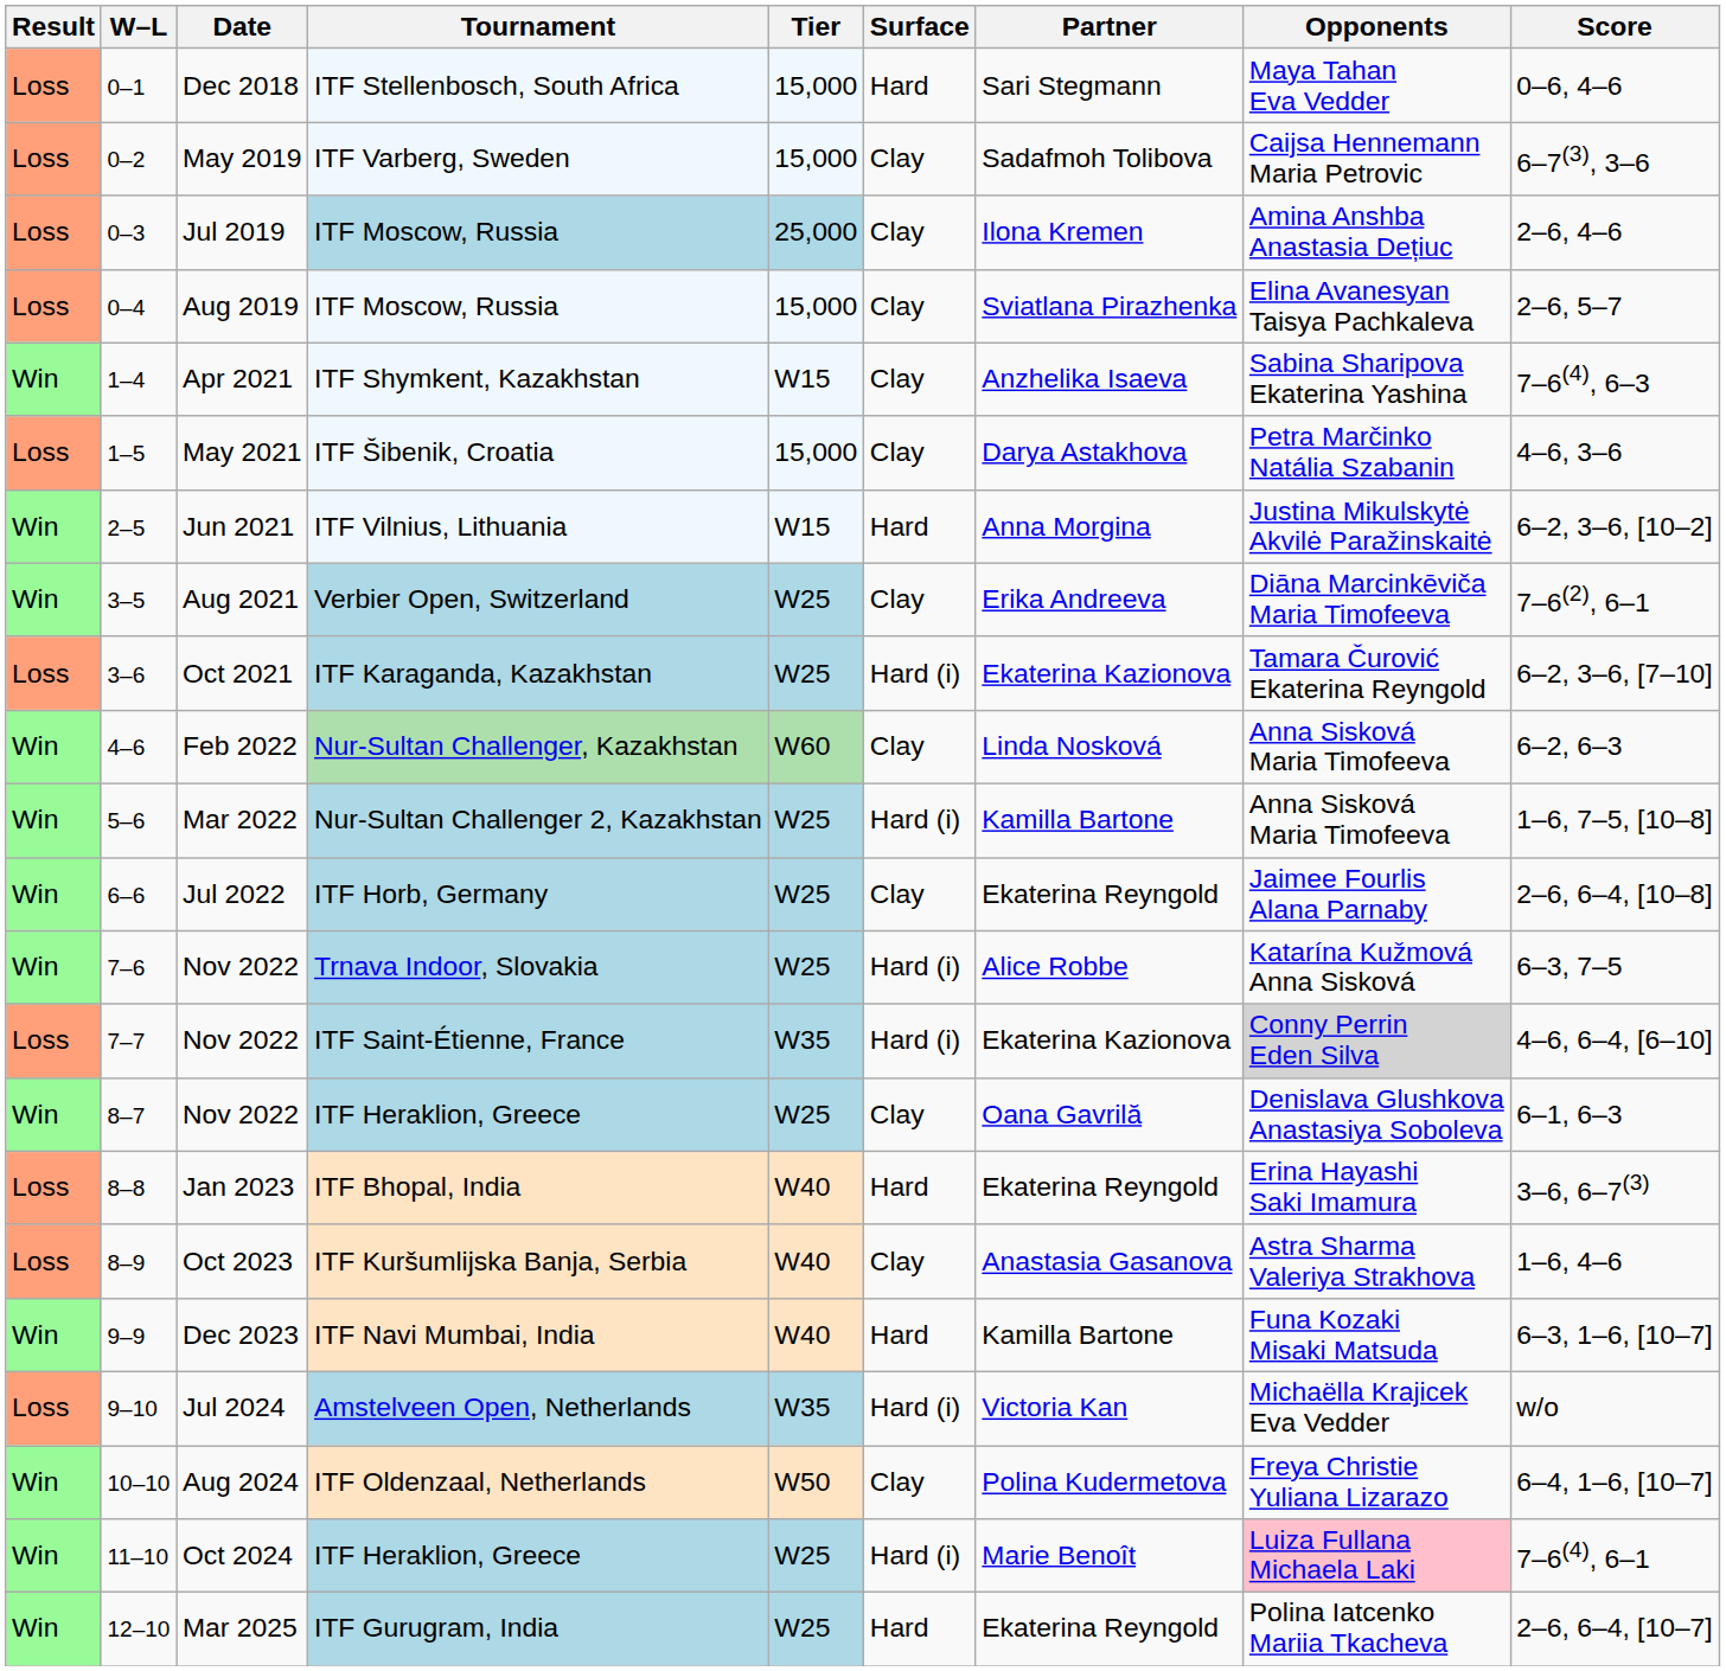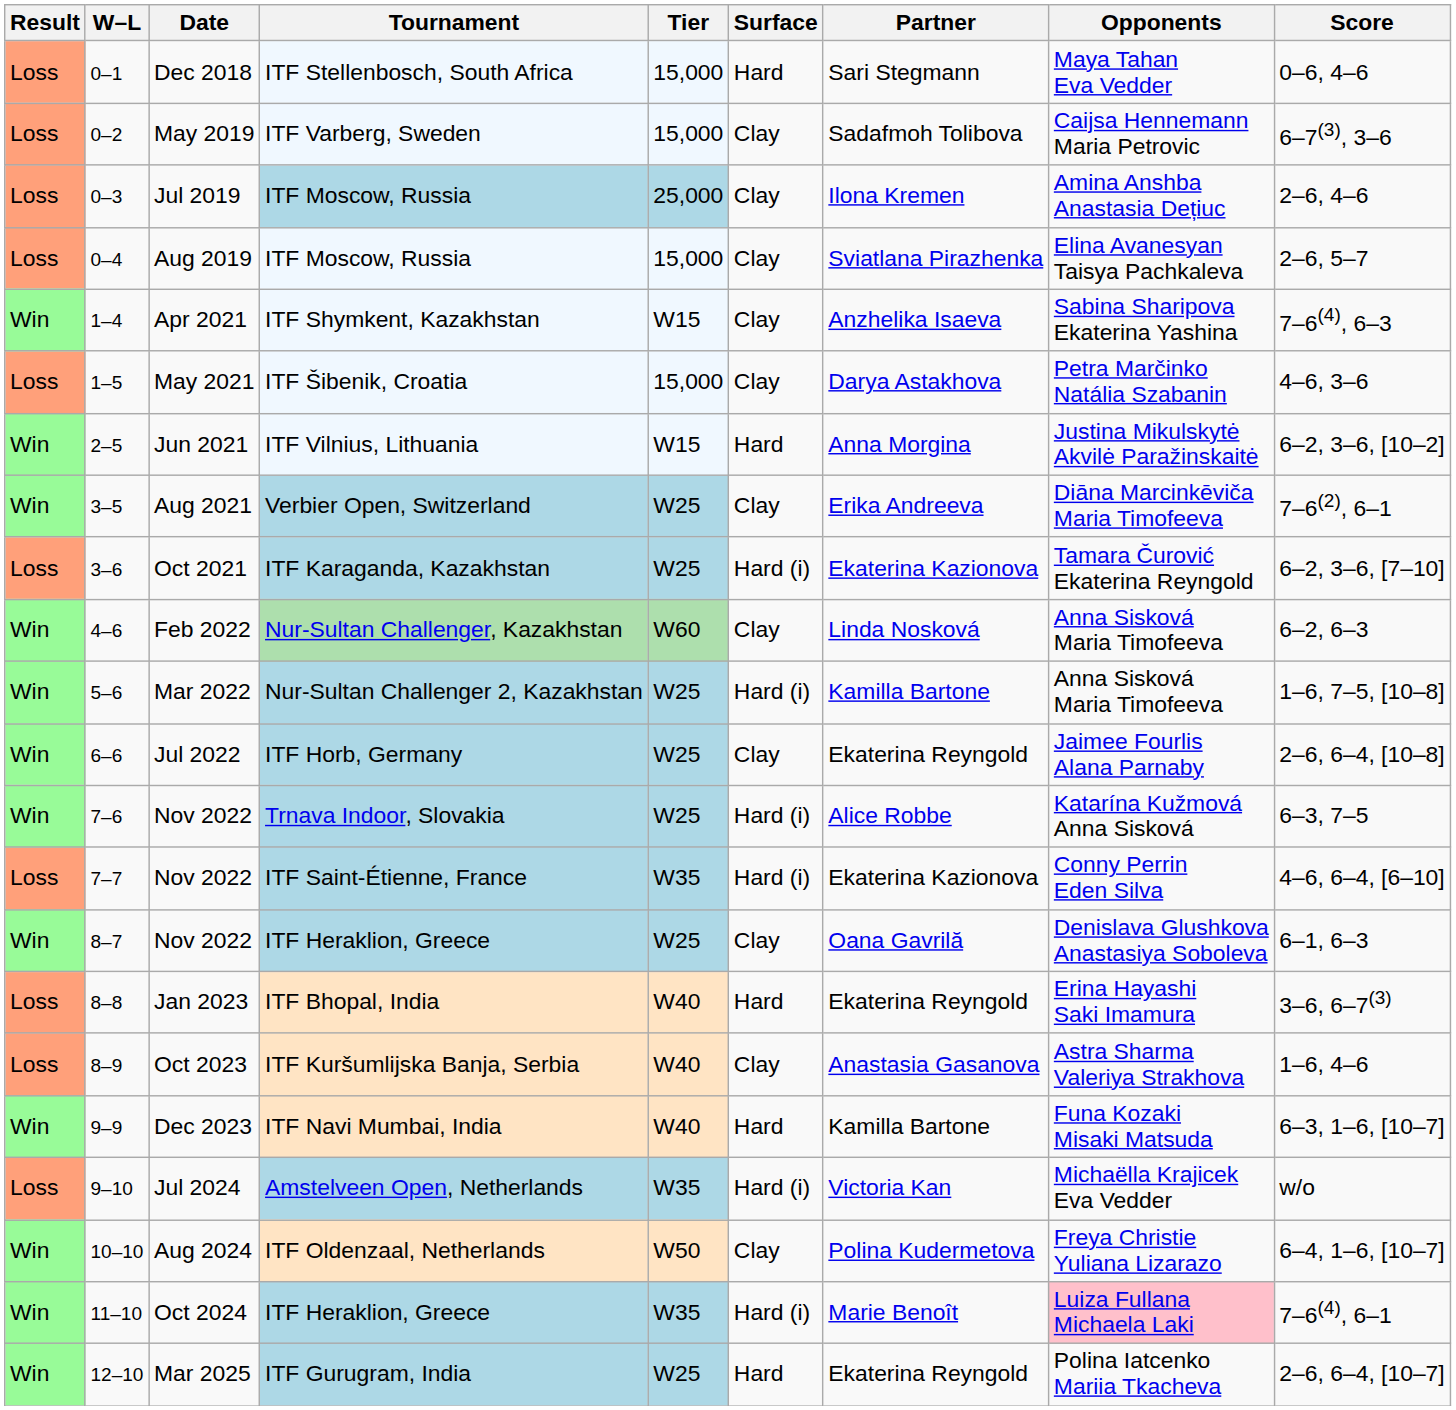 <table class="sortable wikitable">
 <tr>
 <th>Result</th>
 <th class="unsortable">W–L</th>
 <th>Date</th>
 <th>Tournament</th>
 <th>Tier</th>
 <th>Surface</th>
 <th>Partner</th>
 <th>Opponents</th>
 <th class="unsortable">Score</th>
 </tr>
 <tr>
 <td bgcolor="ffa07a">Loss</td>
 <td><small>0–1</small></td>
 <td>Dec 2018</td>
 <td style="background:#f0f8ff;">ITF Stellenbosch, South Africa</td>
 <td style="background:#f0f8ff;">15,000</td>
 <td>Hard</td>
 <td> Sari Stegmann</td>
 <td> <a href='#'>Maya Tahan</a> <br>  <a href='#'>Eva Vedder</a></td>
 <td>0–6, 4–6</td>
 </tr>
 <tr>
 <td bgcolor="ffa07a">Loss</td>
 <td><small>0–2</small></td>
 <td>May 2019</td>
 <td style="background:#f0f8ff;">ITF Varberg, Sweden</td>
 <td style="background:#f0f8ff;">15,000</td>
 <td>Clay</td>
 <td> Sadafmoh Tolibova</td>
 <td> <a href='#'>Caijsa Hennemann</a> <br>  Maria Petrovic</td>
 <td>6–7<sup>(3)</sup>, 3–6</td>
 </tr>
 <tr>
 <td bgcolor="ffa07a">Loss</td>
 <td><small>0–3</small></td>
 <td>Jul 2019</td>
 <td style="background:lightblue">ITF Moscow, Russia</td>
 <td style="background:lightblue">25,000</td>
 <td>Clay</td>
 <td> <a href='#'>Ilona Kremen</a></td>
 <td> <a href='#'>Amina Anshba</a> <br>  <a href='#'>Anastasia Dețiuc</a></td>
 <td>2–6, 4–6</td>
 </tr>
 <tr>
 <td bgcolor="ffa07a">Loss</td>
 <td><small>0–4</small></td>
 <td>Aug 2019</td>
 <td style="background:#f0f8ff;">ITF Moscow, Russia</td>
 <td style="background:#f0f8ff;">15,000</td>
 <td>Clay</td>
 <td> <a href='#'>Sviatlana Pirazhenka</a></td>
 <td> <a href='#'>Elina Avanesyan</a> <br>  Taisya Pachkaleva</td>
 <td>2–6, 5–7</td>
 </tr>
 <tr>
 <td bgcolor="98FB98">Win</td>
 <td><small>1–4</small></td>
 <td>Apr 2021</td>
 <td style="background:#f0f8ff;">ITF Shymkent, Kazakhstan</td>
 <td style="background:#f0f8ff;">W15</td>
 <td>Clay</td>
 <td> <a href='#'>Anzhelika Isaeva</a></td>
 <td> <a href='#'>Sabina Sharipova</a> <br>  Ekaterina Yashina</td>
 <td>7–6<sup>(4)</sup>, 6–3</td>
 </tr>
 <tr>
 <td bgcolor="ffa07a">Loss</td>
 <td><small>1–5</small></td>
 <td>May 2021</td>
 <td style="background:#f0f8ff;">ITF Šibenik, Croatia</td>
 <td style="background:#f0f8ff;">15,000</td>
 <td>Clay</td>
 <td> <a href='#'>Darya Astakhova</a></td>
 <td> <a href='#'>Petra Marčinko</a> <br>  <a href='#'>Natália Szabanin</a></td>
 <td>4–6, 3–6</td>
 </tr>
 <tr>
 <td bgcolor="98FB98">Win</td>
 <td><small>2–5</small></td>
 <td>Jun 2021</td>
 <td style="background:#f0f8ff;">ITF Vilnius, Lithuania</td>
 <td style="background:#f0f8ff;">W15</td>
 <td>Hard</td>
 <td> <a href='#'>Anna Morgina</a></td>
 <td> <a href='#'>Justina Mikulskytė</a> <br>  <a href='#'>Akvilė Paražinskaitė</a></td>
 <td>6–2, 3–6, [10–2]</td>
 </tr>
 <tr>
 <td bgcolor="98FB98">Win</td>
 <td><small>3–5</small></td>
 <td>Aug 2021</td>
 <td style="background:lightblue">Verbier Open, Switzerland</td>
 <td style="background:lightblue">W25</td>
 <td>Clay</td>
 <td> <a href='#'>Erika Andreeva</a></td>
 <td> <a href='#'>Diāna Marcinkēviča</a> <br>  <a href='#'>Maria Timofeeva</a></td>
 <td>7–6<sup>(2)</sup>, 6–1</td>
 </tr>
 <tr>
 <td bgcolor="ffa07a">Loss</td>
 <td><small>3–6</small></td>
 <td>Oct 2021</td>
 <td style="background:lightblue">ITF Karaganda, Kazakhstan</td>
 <td style="background:lightblue">W25</td>
 <td>Hard (i)</td>
 <td> <a href='#'>Ekaterina Kazionova</a></td>
 <td> <a href='#'>Tamara Čurović</a> <br>  Ekaterina Reyngold</td>
 <td>6–2, 3–6, [7–10]</td>
 </tr>
 <tr>
 <td bgcolor=98FB98>Win</td>
 <td><small>4–6</small></td>
 <td>Feb 2022</td>
 <td style="background:#addfad"><a href='#'>Nur-Sultan Challenger</a>, Kazakhstan</td>
 <td style="background:#addfad">W60</td>
 <td>Clay</td>
 <td> <a href='#'>Linda Nosková</a></td>
 <td> <a href='#'>Anna Sisková</a> <br>  Maria Timofeeva</td>
 <td>6–2, 6–3</td>
 </tr>
 <tr>
 <td bgcolor="98FB98">Win</td>
 <td><small>5–6</small></td>
 <td>Mar 2022</td>
 <td style="background:lightblue">Nur-Sultan Challenger 2, Kazakhstan</td>
 <td style="background:lightblue">W25</td>
 <td>Hard (i)</td>
 <td> <a href='#'>Kamilla Bartone</a></td>
 <td> Anna Sisková <br>  Maria Timofeeva</td>
 <td>1–6, 7–5, [10–8]</td>
 </tr>
 <tr>
 <td bgcolor="98FB98">Win</td>
 <td><small>6–6</small></td>
 <td>Jul 2022</td>
 <td style="background:lightblue">ITF Horb, Germany</td>
 <td style="background:lightblue">W25</td>
 <td>Clay</td>
 <td> Ekaterina Reyngold</td>
 <td> <a href='#'>Jaimee Fourlis</a> <br>  <a href='#'>Alana Parnaby</a></td>
 <td>2–6, 6–4, [10–8]</td>
 </tr>
 <tr>
 <td bgcolor="98FB98">Win</td>
 <td><small>7–6</small></td>
 <td>Nov 2022</td>
 <td style="background:lightblue"><a href='#'>Trnava Indoor</a>, Slovakia</td>
 <td style="background:lightblue">W25</td>
 <td>Hard (i)</td>
 <td> <a href='#'>Alice Robbe</a></td>
 <td> <a href='#'>Katarína Kužmová</a> <br>  Anna Sisková</td>
 <td>6–3, 7–5</td>
 </tr>
 <tr>
 <td bgcolor="ffa07a">Loss</td>
 <td><small>7–7</small></td>
 <td>Nov 2022</td>
 <td style="background:lightblue">ITF Saint-Étienne, France</td>
 <td style="background:lightblue;">W35</td>
 <td>Hard (i)</td>
 <td> Ekaterina Kazionova</td>
-<td style="background: lightgrey;"> <a href='#'>Conny Perrin</a> <br>  <a href='#'>Eden Silva</a></td>
+<td> <a href='#'>Conny Perrin</a> <br>  <a href='#'>Eden Silva</a></td>
 <td>4–6, 6–4, [6–10]</td>
 </tr>
 <tr>
 <td bgcolor="98FB98">Win</td>
 <td><small>8–7</small></td>
 <td>Nov 2022</td>
 <td style="background:lightblue">ITF Heraklion, Greece</td>
 <td style="background:lightblue">W25</td>
 <td>Clay</td>
 <td> <a href='#'>Oana Gavrilă</a></td>
 <td> <a href='#'>Denislava Glushkova</a> <br>  <a href='#'>Anastasiya Soboleva</a></td>
 <td>6–1, 6–3</td>
 </tr>
 <tr>
 <td bgcolor="ffa07a">Loss</td>
 <td><small>8–8</small></td>
 <td>Jan 2023</td>
 <td style="background:#ffe4c4">ITF Bhopal, India</td>
 <td style="background:#ffe4c4">W40</td>
 <td>Hard</td>
 <td> Ekaterina Reyngold</td>
 <td> <a href='#'>Erina Hayashi</a> <br>  <a href='#'>Saki Imamura</a></td>
 <td>3–6, 6–7<sup>(3)</sup></td>
 </tr>
 <tr>
 <td bgcolor=ffa07a>Loss</td>
 <td><small>8–9</small></td>
 <td>Oct 2023</td>
 <td style="background:#ffe4c4">ITF Kuršumlijska Banja, Serbia</td>
 <td style="background:#ffe4c4">W40</td>
 <td>Clay</td>
 <td> <a href='#'>Anastasia Gasanova</a></td>
 <td> <a href='#'>Astra Sharma</a> <br>  <a href='#'>Valeriya Strakhova</a></td>
 <td>1–6, 4–6</td>
 </tr>
 <tr>
 <td bgcolor=98FB98>Win</td>
 <td><small>9–9</small></td>
 <td>Dec 2023</td>
 <td style="background:#ffe4c4">ITF Navi Mumbai, India</td>
 <td style="background:#ffe4c4">W40</td>
 <td>Hard</td>
 <td> Kamilla Bartone</td>
 <td> <a href='#'>Funa Kozaki</a> <br>  <a href='#'>Misaki Matsuda</a></td>
 <td>6–3, 1–6, [10–7]</td>
 </tr>
 <tr>
 <td style="background:#ffa07a;">Loss</td>
 <td><small>9–10</small></td>
 <td>Jul 2024</td>
 <td style="background:lightblue;"><a href='#'>Amstelveen Open</a>, Netherlands</td>
 <td style="background:lightblue;">W35</td>
 <td>Hard (i)</td>
 <td> <a href='#'>Victoria Kan</a></td>
 <td> <a href='#'>Michaëlla Krajicek</a> <br>  Eva Vedder</td>
 <td>w/o</td>
 </tr>
 <tr>
 <td bgcolor=#98FB98>Win</td>
 <td><small>10–10</small></td>
 <td>Aug 2024</td>
 <td style="background:#ffe4c4;">ITF Oldenzaal, Netherlands</td>
 <td style="background:#ffe4c4;">W50</td>
 <td>Clay</td>
 <td> <a href='#'>Polina Kudermetova</a></td>
 <td> <a href='#'>Freya Christie</a> <br>  <a href='#'>Yuliana Lizarazo</a></td>
 <td>6–4, 1–6, [10–7]</td>
 </tr>
 <tr>
 <td style="background:#98fb98;">Win</td>
 <td><small>11–10</small></td>
 <td>Oct 2024</td>
 <td style="background:lightblue;">ITF Heraklion, Greece</td>
-<td style="background:lightblue">W25</td>
+<td style="background:lightblue;">W35</td>
 <td>Hard (i)</td>
 <td> <a href='#'>Marie Benoît</a></td>
 <td style="background: pink;"> <a href='#'>Luiza Fullana</a> <br>  <a href='#'>Michaela Laki</a></td>
 <td>7–6<sup>(4)</sup>, 6–1</td>
 </tr>
 <tr>
 <td style="background:#98fb98;">Win</td>
 <td><small>12–10</small></td>
 <td>Mar 2025</td>
 <td style="background:lightblue;">ITF Gurugram, India</td>
 <td style="background:lightblue">W25</td>
 <td>Hard</td>
 <td> Ekaterina Reyngold</td>
 <td> Polina Iatcenko <br>  <a href='#'>Mariia Tkacheva</a></td>
 <td>2–6, 6–4, [10–7]</td>
 </tr>
 </table>
